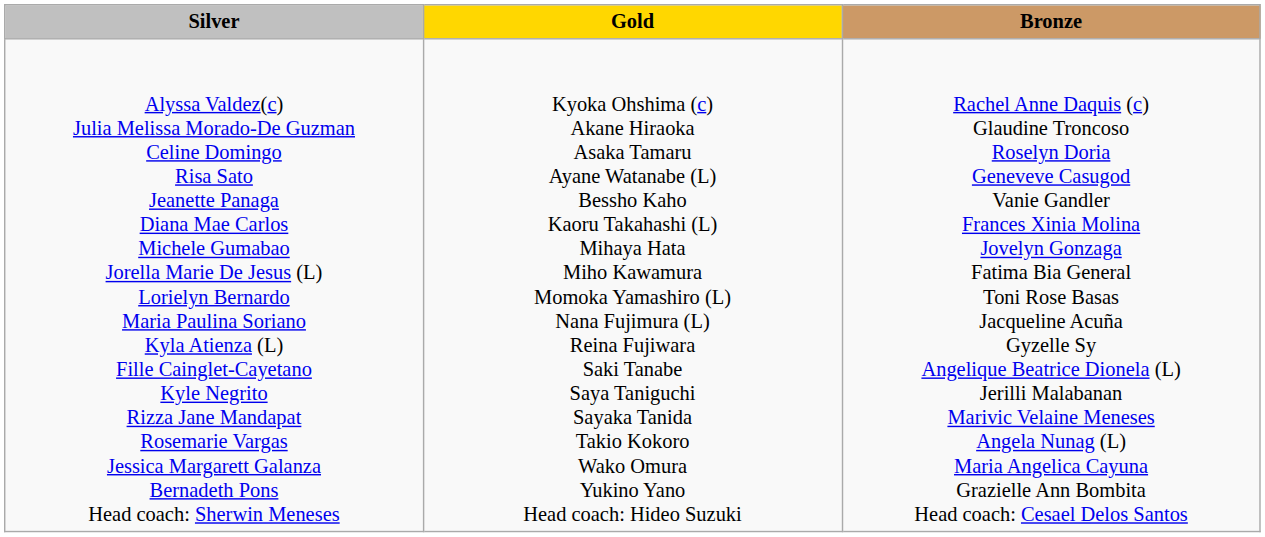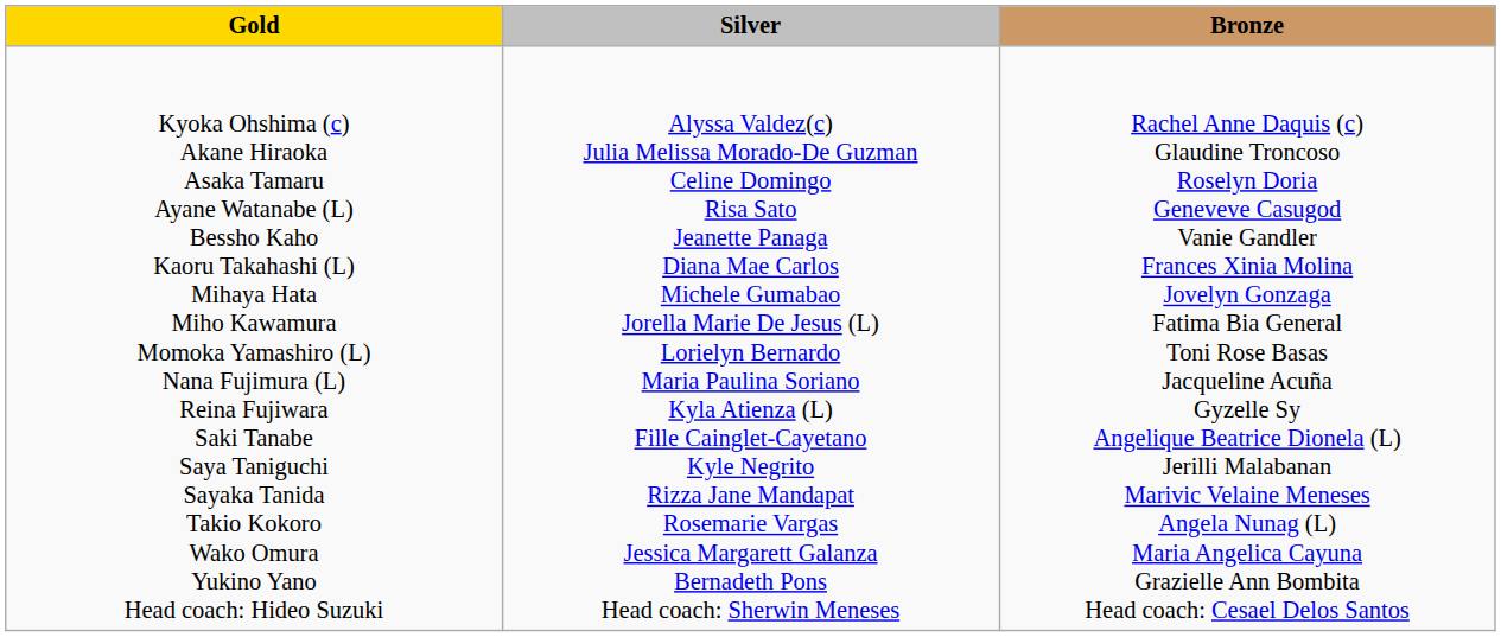 <table class="wikitable" style="text-align:center; font-size:90%">
 <tr>
+<th style="width:20em; background:gold">Gold</th>
 <th style="width:20em; background:silver">Silver</th>
-<th style="width:20em; background:gold">Gold</th>
 <th style="width:20em; background:#cc9966">Bronze</th>
 </tr>
 <tr>
+<td><br><br>Kyoka Ohshima (<a href='#'>c</a>)<br> Akane Hiraoka<br> Asaka Tamaru<br> Ayane Watanabe (L)<br> Bessho Kaho<br> Kaoru Takahashi (L)<br> Mihaya Hata<br> Miho Kawamura<br> Momoka Yamashiro (L)<br> Nana Fujimura (L)<br> Reina Fujiwara<br> Saki Tanabe<br> Saya Taniguchi<br> Sayaka Tanida<br> Takio Kokoro<br> Wako Omura<br> Yukino Yano<br>Head coach: Hideo Suzuki</td>
 <td><br><br><a href='#'>Alyssa Valdez</a>(<a href='#'>c</a>)<br> <a href='#'>Julia Melissa Morado-De Guzman</a><br> <a href='#'>Celine Domingo</a><br> <a href='#'>Risa Sato</a><br> <a href='#'>Jeanette Panaga</a><br> <a href='#'>Diana Mae Carlos</a><br> <a href='#'>Michele Gumabao</a><br> <a href='#'>Jorella Marie De Jesus</a> (L)<br> <a href='#'>Lorielyn Bernardo</a><br> <a href='#'>Maria Paulina Soriano</a><br> <a href='#'>Kyla Atienza</a> (L)<br> <a href='#'>Fille Cainglet-Cayetano</a><br> <a href='#'>Kyle Negrito</a><br> <a href='#'>Rizza Jane Mandapat</a><br> <a href='#'>Rosemarie Vargas</a><br> <a href='#'>Jessica Margarett Galanza</a><br> <a href='#'>Bernadeth Pons</a><br>Head coach: <a href='#'>Sherwin Meneses</a></td>
-<td><br><br>Kyoka Ohshima (<a href='#'>c</a>)<br> Akane Hiraoka<br> Asaka Tamaru<br> Ayane Watanabe (L)<br> Bessho Kaho<br> Kaoru Takahashi (L)<br> Mihaya Hata<br> Miho Kawamura<br> Momoka Yamashiro (L)<br> Nana Fujimura (L)<br> Reina Fujiwara<br> Saki Tanabe<br> Saya Taniguchi<br> Sayaka Tanida<br> Takio Kokoro<br> Wako Omura<br> Yukino Yano<br>Head coach: Hideo Suzuki</td>
 <td><br><br><a href='#'>Rachel Anne Daquis</a> (<a href='#'>c</a>)<br> Glaudine Troncoso<br> <a href='#'>Roselyn Doria</a><br> <a href='#'>Geneveve Casugod</a><br> Vanie Gandler<br> <a href='#'>Frances Xinia Molina</a><br> <a href='#'>Jovelyn Gonzaga</a><br> Fatima Bia General<br> Toni Rose Basas<br> Jacqueline Acuña<br> Gyzelle Sy<br> <a href='#'>Angelique Beatrice Dionela</a> (L)<br> Jerilli Malabanan<br> <a href='#'>Marivic Velaine Meneses</a><br> <a href='#'>Angela Nunag</a> (L)<br> <a href='#'>Maria Angelica Cayuna</a><br> Grazielle Ann Bombita<br>Head coach: <a href='#'>Cesael Delos Santos</a></td>
 </tr>
 </table>
